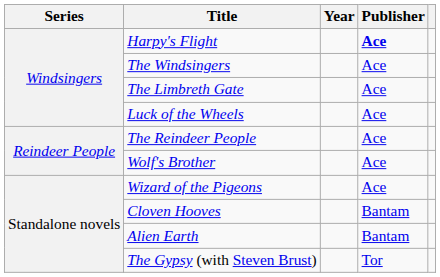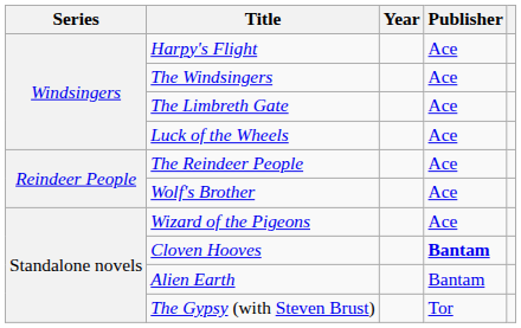 <table class="wikitable sortable">
 <tr>
 <th scope=col>Series</th>
 <th scope=col>Title</th>
 <th scope=col>Year</th>
 <th scope=col>Publisher</th>
 <th scope=col class=unsortable></th>
 </tr>
 <tr>
 <th scope=row rowspan=4 style="font-weight: normal"><em><a href='#'>Windsingers</a></em></th>
 <td><em><a href='#'>Harpy's Flight</a></em></td>
 <td align=center></td>
-<td><strong><a href='#'>Ace</a></strong></td>
+<td><a href='#'>Ace</a></td>
 <td align=center></td>
 </tr>
 <tr>
 <td data-sort-value="Windsingers, The"><em><a href='#'>The Windsingers</a></em></td>
 <td align=center></td>
 <td><a href='#'>Ace</a></td>
 <td align=center></td>
 </tr>
 <tr>
 <td data-sort-value="Limbreth Gate, The"><em><a href='#'>The Limbreth Gate</a></em></td>
 <td align=center></td>
 <td><a href='#'>Ace</a></td>
 <td align=center></td>
 </tr>
 <tr>
 <td><em><a href='#'>Luck of the Wheels</a></em></td>
 <td align=center></td>
 <td><a href='#'>Ace</a></td>
 <td align=center></td>
 </tr>
 <tr>
 <th scope=row rowspan=2 style="font-weight: normal"><em><a href='#'>Reindeer People</a></em></th>
 <td data-sort-value="Reindeer People, The"><em><a href='#'>The Reindeer People</a></em></td>
 <td align=center></td>
 <td><a href='#'>Ace</a></td>
 <td align=center></td>
 </tr>
 <tr>
 <td><em><a href='#'>Wolf's Brother</a></em></td>
 <td align=center></td>
 <td><a href='#'>Ace</a></td>
 <td align=center></td>
 </tr>
 <tr>
 <th scope=row rowspan=4 style="font-weight: normal">Standalone novels</th>
 <td><em><a href='#'>Wizard of the Pigeons</a></em></td>
 <td align=center></td>
 <td><a href='#'>Ace</a></td>
 <td align=center></td>
 </tr>
 <tr>
 <td><em><a href='#'>Cloven Hooves</a></em></td>
 <td align=center></td>
-<td><a href='#'>Bantam</a></td>
+<td><strong><a href='#'>Bantam</a></strong></td>
 <td align=center></td>
 </tr>
 <tr>
 <td><em><a href='#'>Alien Earth</a></em></td>
 <td align=center></td>
 <td><a href='#'>Bantam</a></td>
 <td align=center></td>
 </tr>
 <tr>
 <td data-sort-value="Gypsy, The"><em><a href='#'>The Gypsy</a></em> (with <a href='#'>Steven Brust</a>)</td>
 <td align=center></td>
 <td><a href='#'>Tor</a></td>
 <td align=center></td>
 </tr>
 </table>
